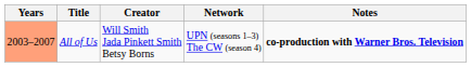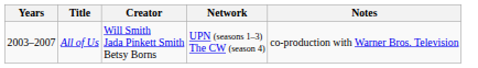 <table class="wikitable sortable">
 <tr>
 <th>Years</th>
 <th>Title</th>
 <th>Creator</th>
 <th>Network</th>
 <th>Notes</th>
 </tr>
 <tr>
-<td style="background: lightsalmon;">2003–2007</td>
+<td>2003–2007</td>
 <td><em><a href='#'>All of Us</a></em></td>
 <td><a href='#'>Will Smith</a><br><a href='#'>Jada Pinkett Smith</a><br>Betsy Borns</td>
 <td><a href='#'>UPN</a> <small>(seasons 1–3)</small><br><a href='#'>The CW</a> <small>(season 4)</small></td>
-<td><strong>co-production with <a href='#'>Warner Bros. Television</a></strong></td>
+<td>co-production with <a href='#'>Warner Bros. Television</a></td>
 </tr>
 </table>
